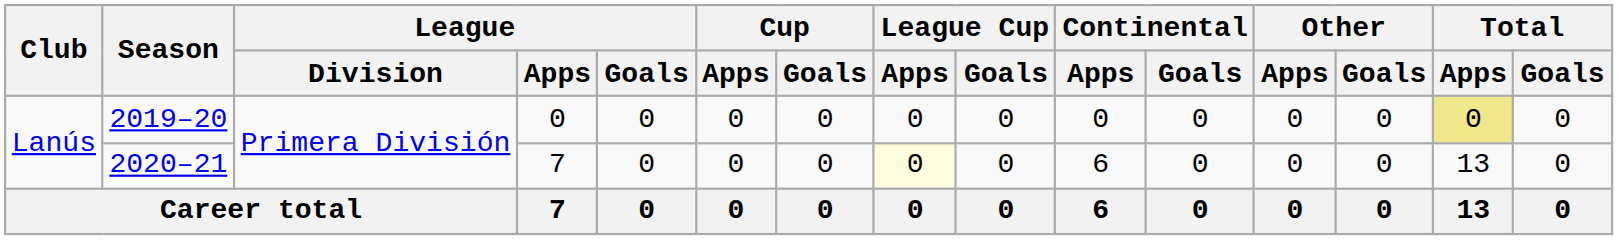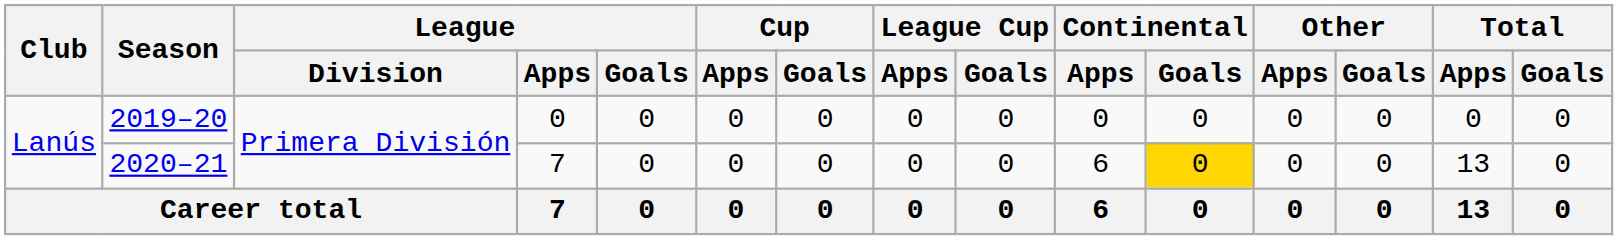 <table class="wikitable" style="text-align:center">
 <tr>
 <th rowspan="2">Club</th>
 <th rowspan="2">Season</th>
 <th colspan="3">League</th>
 <th colspan="2">Cup</th>
 <th colspan="2">League Cup</th>
 <th colspan="2">Continental</th>
 <th colspan="2">Other</th>
 <th colspan="2">Total</th>
 </tr>
 <tr>
 <th>Division</th>
 <th>Apps</th>
 <th>Goals</th>
 <th>Apps</th>
 <th>Goals</th>
 <th>Apps</th>
 <th>Goals</th>
 <th>Apps</th>
 <th>Goals</th>
 <th>Apps</th>
 <th>Goals</th>
 <th>Apps</th>
 <th>Goals</th>
 </tr>
 <tr>
 <td rowspan="2"><a href='#'>Lanús</a></td>
 <td><a href='#'>2019–20</a></td>
 <td rowspan="2"><a href='#'>Primera División</a></td>
 <td>0</td>
 <td>0</td>
 <td>0</td>
 <td>0</td>
 <td>0</td>
 <td>0</td>
 <td>0</td>
 <td>0</td>
 <td>0</td>
 <td>0</td>
-<td style="background: khaki;">0</td>
+<td>0</td>
 <td>0</td>
 </tr>
 <tr>
 <td><a href='#'>2020–21</a></td>
 <td>7</td>
 <td>0</td>
 <td>0</td>
 <td>0</td>
-<td style="background: lightyellow;">0</td>
+<td>0</td>
 <td>0</td>
 <td>6</td>
-<td>0</td>
+<td style="background: gold;">0</td>
 <td>0</td>
 <td>0</td>
 <td>13</td>
 <td>0</td>
 </tr>
 <tr>
 <th colspan="3">Career total</th>
 <th>7</th>
 <th>0</th>
 <th>0</th>
 <th>0</th>
 <th>0</th>
 <th>0</th>
 <th>6</th>
 <th>0</th>
 <th>0</th>
 <th>0</th>
 <th>13</th>
 <th>0</th>
 </tr>
 </table>
